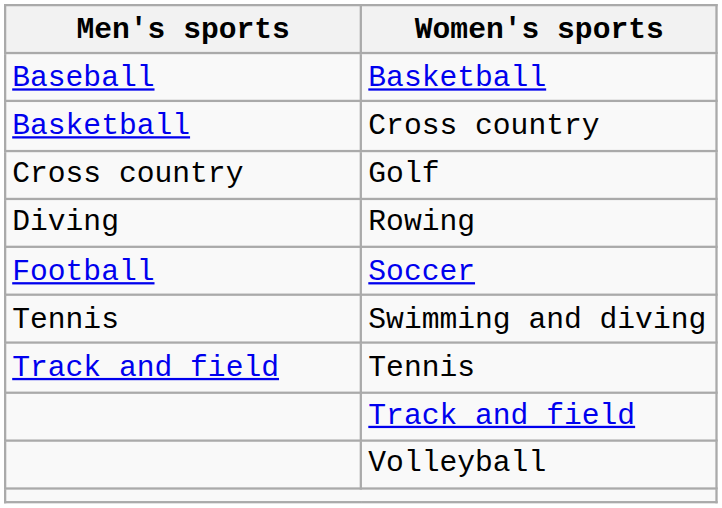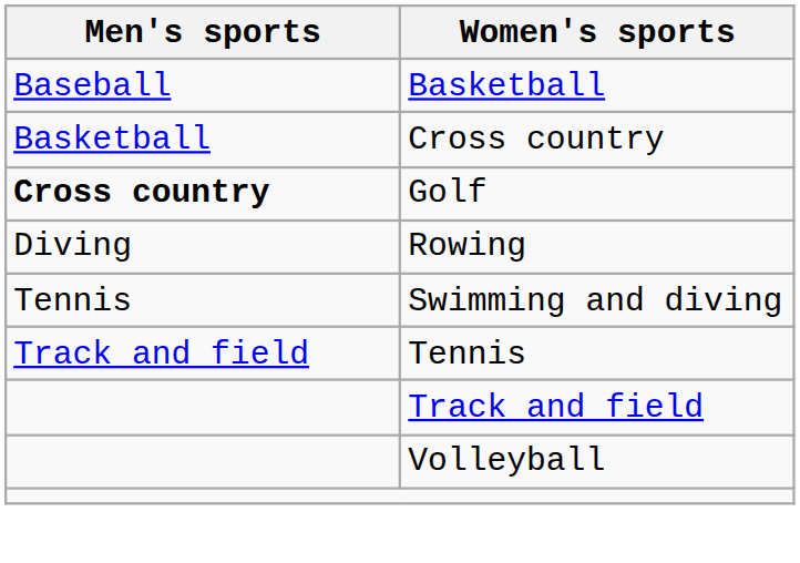 <table class="wikitable" style=" ">
 <tr>
 <th width=150px>Men's sports</th>
 <th width=150px>Women's sports</th>
 </tr>
 <tr>
 <td><a href='#'>Baseball</a></td>
 <td><a href='#'>Basketball</a></td>
 </tr>
 <tr>
 <td><a href='#'>Basketball</a></td>
 <td>Cross country</td>
 </tr>
 <tr>
-<td>Cross country</td>
+<td><strong>Cross country</strong></td>
 <td>Golf</td>
 </tr>
 <tr>
 <td>Diving</td>
 <td>Rowing</td>
-</tr>
-<tr>
-<td><a href='#'>Football</a></td>
-<td><a href='#'>Soccer</a></td>
 </tr>
 <tr>
 <td>Tennis</td>
 <td>Swimming and diving</td>
 </tr>
 <tr>
 <td><a href='#'>Track and field</a></td>
 <td>Tennis</td>
 </tr>
 <tr>
 <td></td>
 <td><a href='#'>Track and field</a></td>
 </tr>
 <tr>
 <td></td>
 <td>Volleyball</td>
 </tr>
 <tr>
 <td colspan="2"></td>
 </tr>
 </table>
